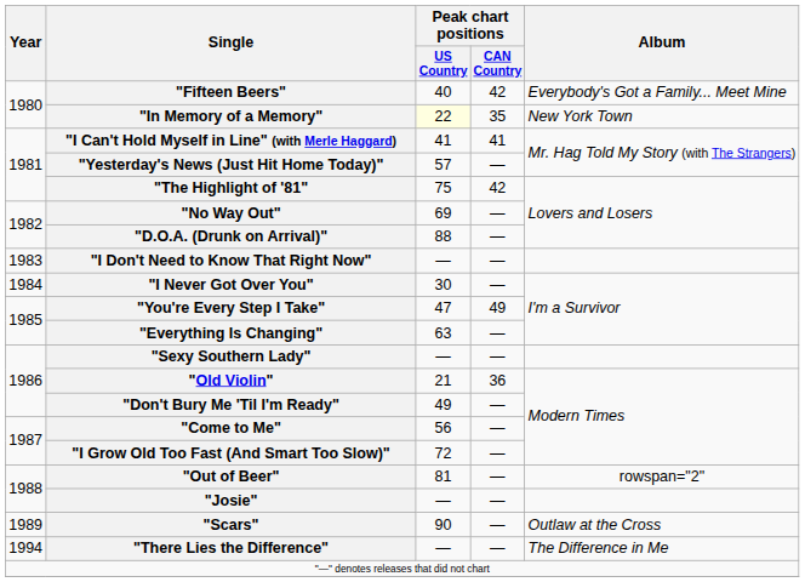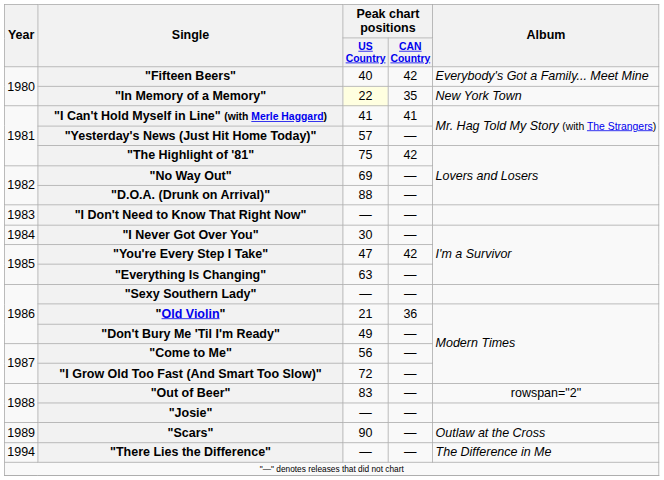 <table class="wikitable plainrowheaders" style="text-align:center;">
 <tr>
 <th rowspan="2">Year</th>
 <th rowspan="2" style="width:24em;">Single</th>
 <th colspan="2">Peak chart<br>positions</th>
 <th rowspan="2">Album</th>
 </tr>
 <tr style="font-size:smaller;">
 <th style="width:45px;"><a href='#'>US Country</a></th>
 <th style="width:45px;"><a href='#'>CAN Country</a></th>
 </tr>
 <tr>
 <td rowspan="2">1980</td>
 <th scope="row">"Fifteen Beers"</th>
 <td>40</td>
 <td>42</td>
 <td align="left"><em>Everybody's Got a Family... Meet Mine</em></td>
 </tr>
 <tr>
 <th scope="row">"In Memory of a Memory"</th>
 <td style="background: lightyellow;">22</td>
 <td>35</td>
 <td align="left"><em>New York Town</em></td>
 </tr>
 <tr>
 <td rowspan="3">1981</td>
 <th scope="row">"I Can't Hold Myself in Line" <small>(with <a href='#'>Merle Haggard</a>)</small></th>
 <td>41</td>
 <td>41</td>
 <td align="left" rowspan="2"><em>Mr. Hag Told My Story</em> <small> (with <a href='#'>The Strangers</a>)</small></td>
 </tr>
 <tr>
 <th scope="row">"Yesterday's News (Just Hit Home Today)"</th>
 <td>57</td>
 <td>—</td>
 </tr>
 <tr>
 <th scope="row">"The Highlight of '81"</th>
 <td>75</td>
 <td>42</td>
 <td align="left" rowspan="3"><em>Lovers and Losers</em></td>
 </tr>
 <tr>
 <td rowspan="2">1982</td>
 <th scope="row">"No Way Out"</th>
 <td>69</td>
 <td>—</td>
 </tr>
 <tr>
 <th scope="row">"D.O.A. (Drunk on Arrival)"</th>
 <td>88</td>
 <td>—</td>
 </tr>
 <tr>
 <td>1983</td>
 <th scope="row">"I Don't Need to Know That Right Now"</th>
 <td>—</td>
 <td>—</td>
 <td></td>
 </tr>
 <tr>
 <td>1984</td>
 <th scope="row">"I Never Got Over You"</th>
 <td>30</td>
 <td>—</td>
 <td align="left" rowspan="3"><em>I'm a Survivor</em></td>
 </tr>
 <tr>
 <td rowspan="2">1985</td>
 <th scope="row">"You're Every Step I Take"</th>
 <td>47</td>
-<td>49</td>
+<td>42</td>
 </tr>
 <tr>
 <th scope="row">"Everything Is Changing"</th>
 <td>63</td>
 <td>—</td>
 </tr>
 <tr>
 <td rowspan="3">1986</td>
 <th scope="row">"Sexy Southern Lady"</th>
 <td>—</td>
 <td>—</td>
 <td></td>
 </tr>
 <tr>
 <th scope="row">"<a href='#'>Old Violin</a>"</th>
 <td>21</td>
 <td>36</td>
 <td align="left" rowspan="4"><em>Modern Times</em></td>
 </tr>
 <tr>
 <th scope="row">"Don't Bury Me 'Til I'm Ready"</th>
 <td>49</td>
 <td>—</td>
 </tr>
 <tr>
 <td rowspan="2">1987</td>
 <th scope="row">"Come to Me"</th>
 <td>56</td>
 <td>—</td>
 </tr>
 <tr>
 <th scope="row">"I Grow Old Too Fast (And Smart Too Slow)"</th>
 <td>72</td>
 <td>—</td>
 </tr>
 <tr>
 <td rowspan="2">1988</td>
 <th scope="row">"Out of Beer"</th>
-<td>81</td>
+<td>83</td>
 <td>—</td>
 <td>rowspan="2" </td>
 </tr>
 <tr>
 <th scope="row">"Josie"</th>
 <td>—</td>
 <td>—</td>
 </tr>
 <tr>
 <td>1989</td>
 <th scope="row">"Scars"</th>
 <td>90</td>
 <td>—</td>
 <td align="left"><em>Outlaw at the Cross</em></td>
 </tr>
 <tr>
 <td>1994</td>
 <th scope="row">"There Lies the Difference"</th>
 <td>—</td>
 <td>—</td>
 <td align="left"><em>The Difference in Me</em></td>
 </tr>
 <tr>
 <td colspan="5" style="font-size:8pt">"—" denotes releases that did not chart</td>
 </tr>
 <tr>
 </tr>
 </table>
